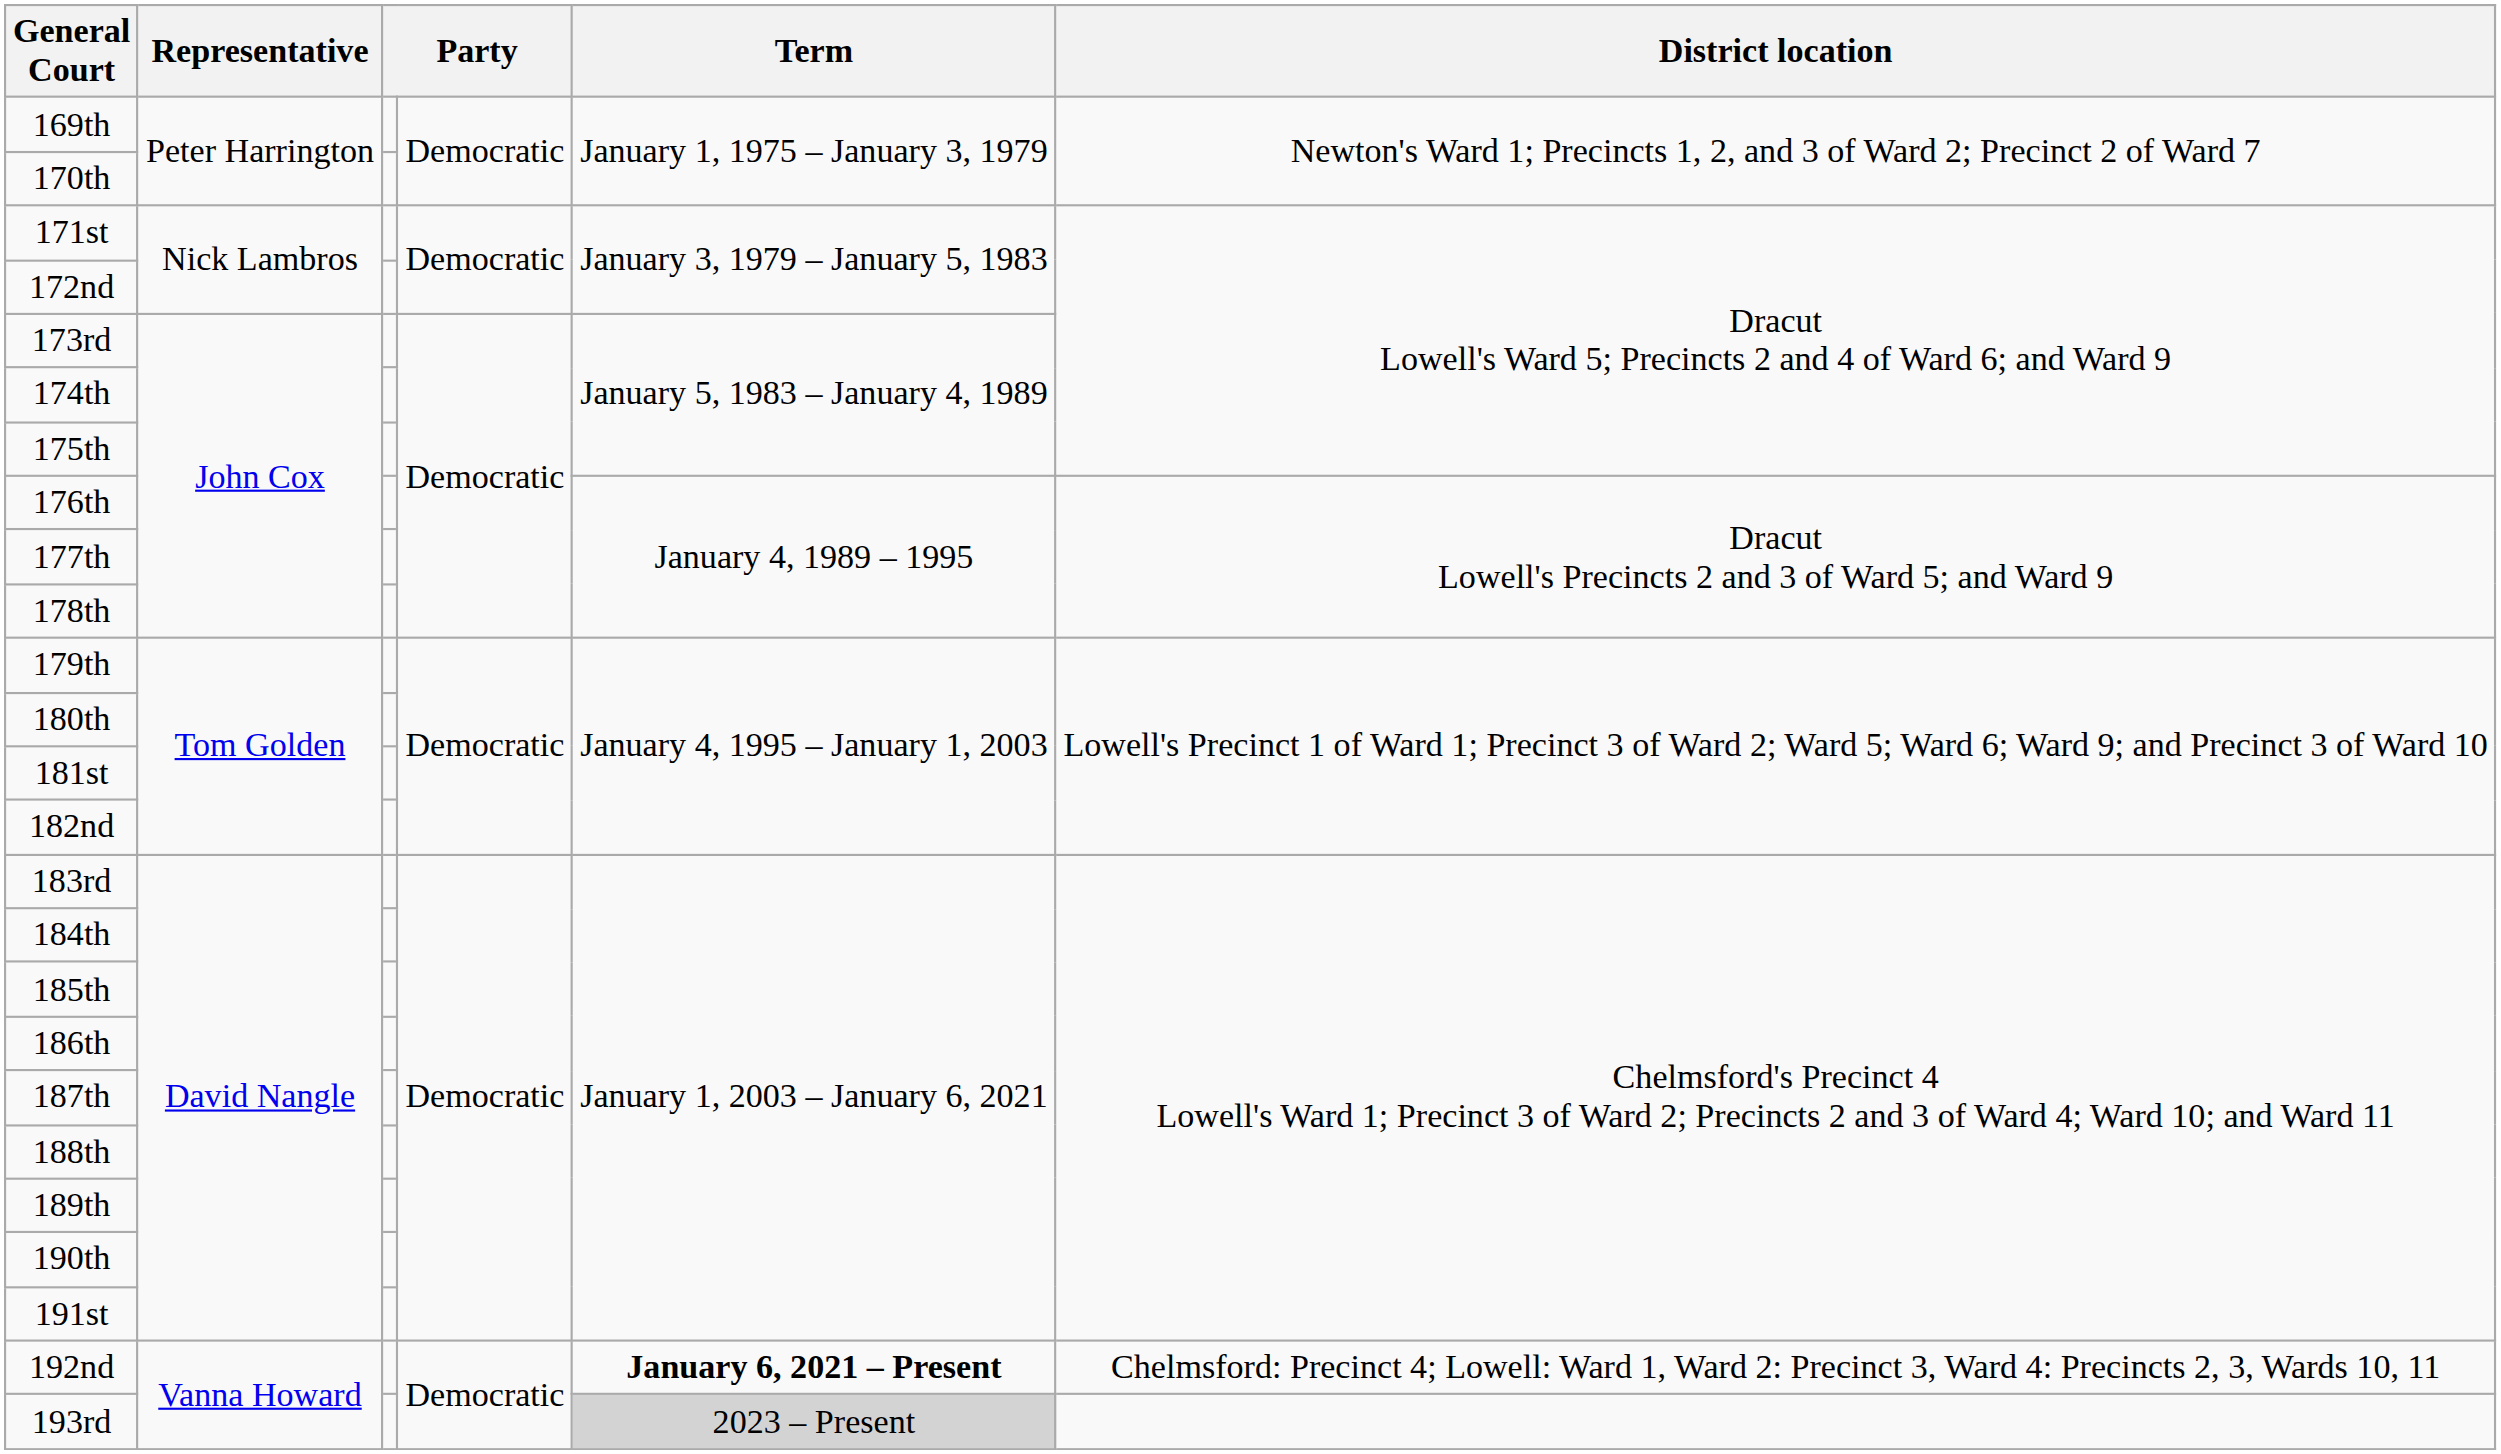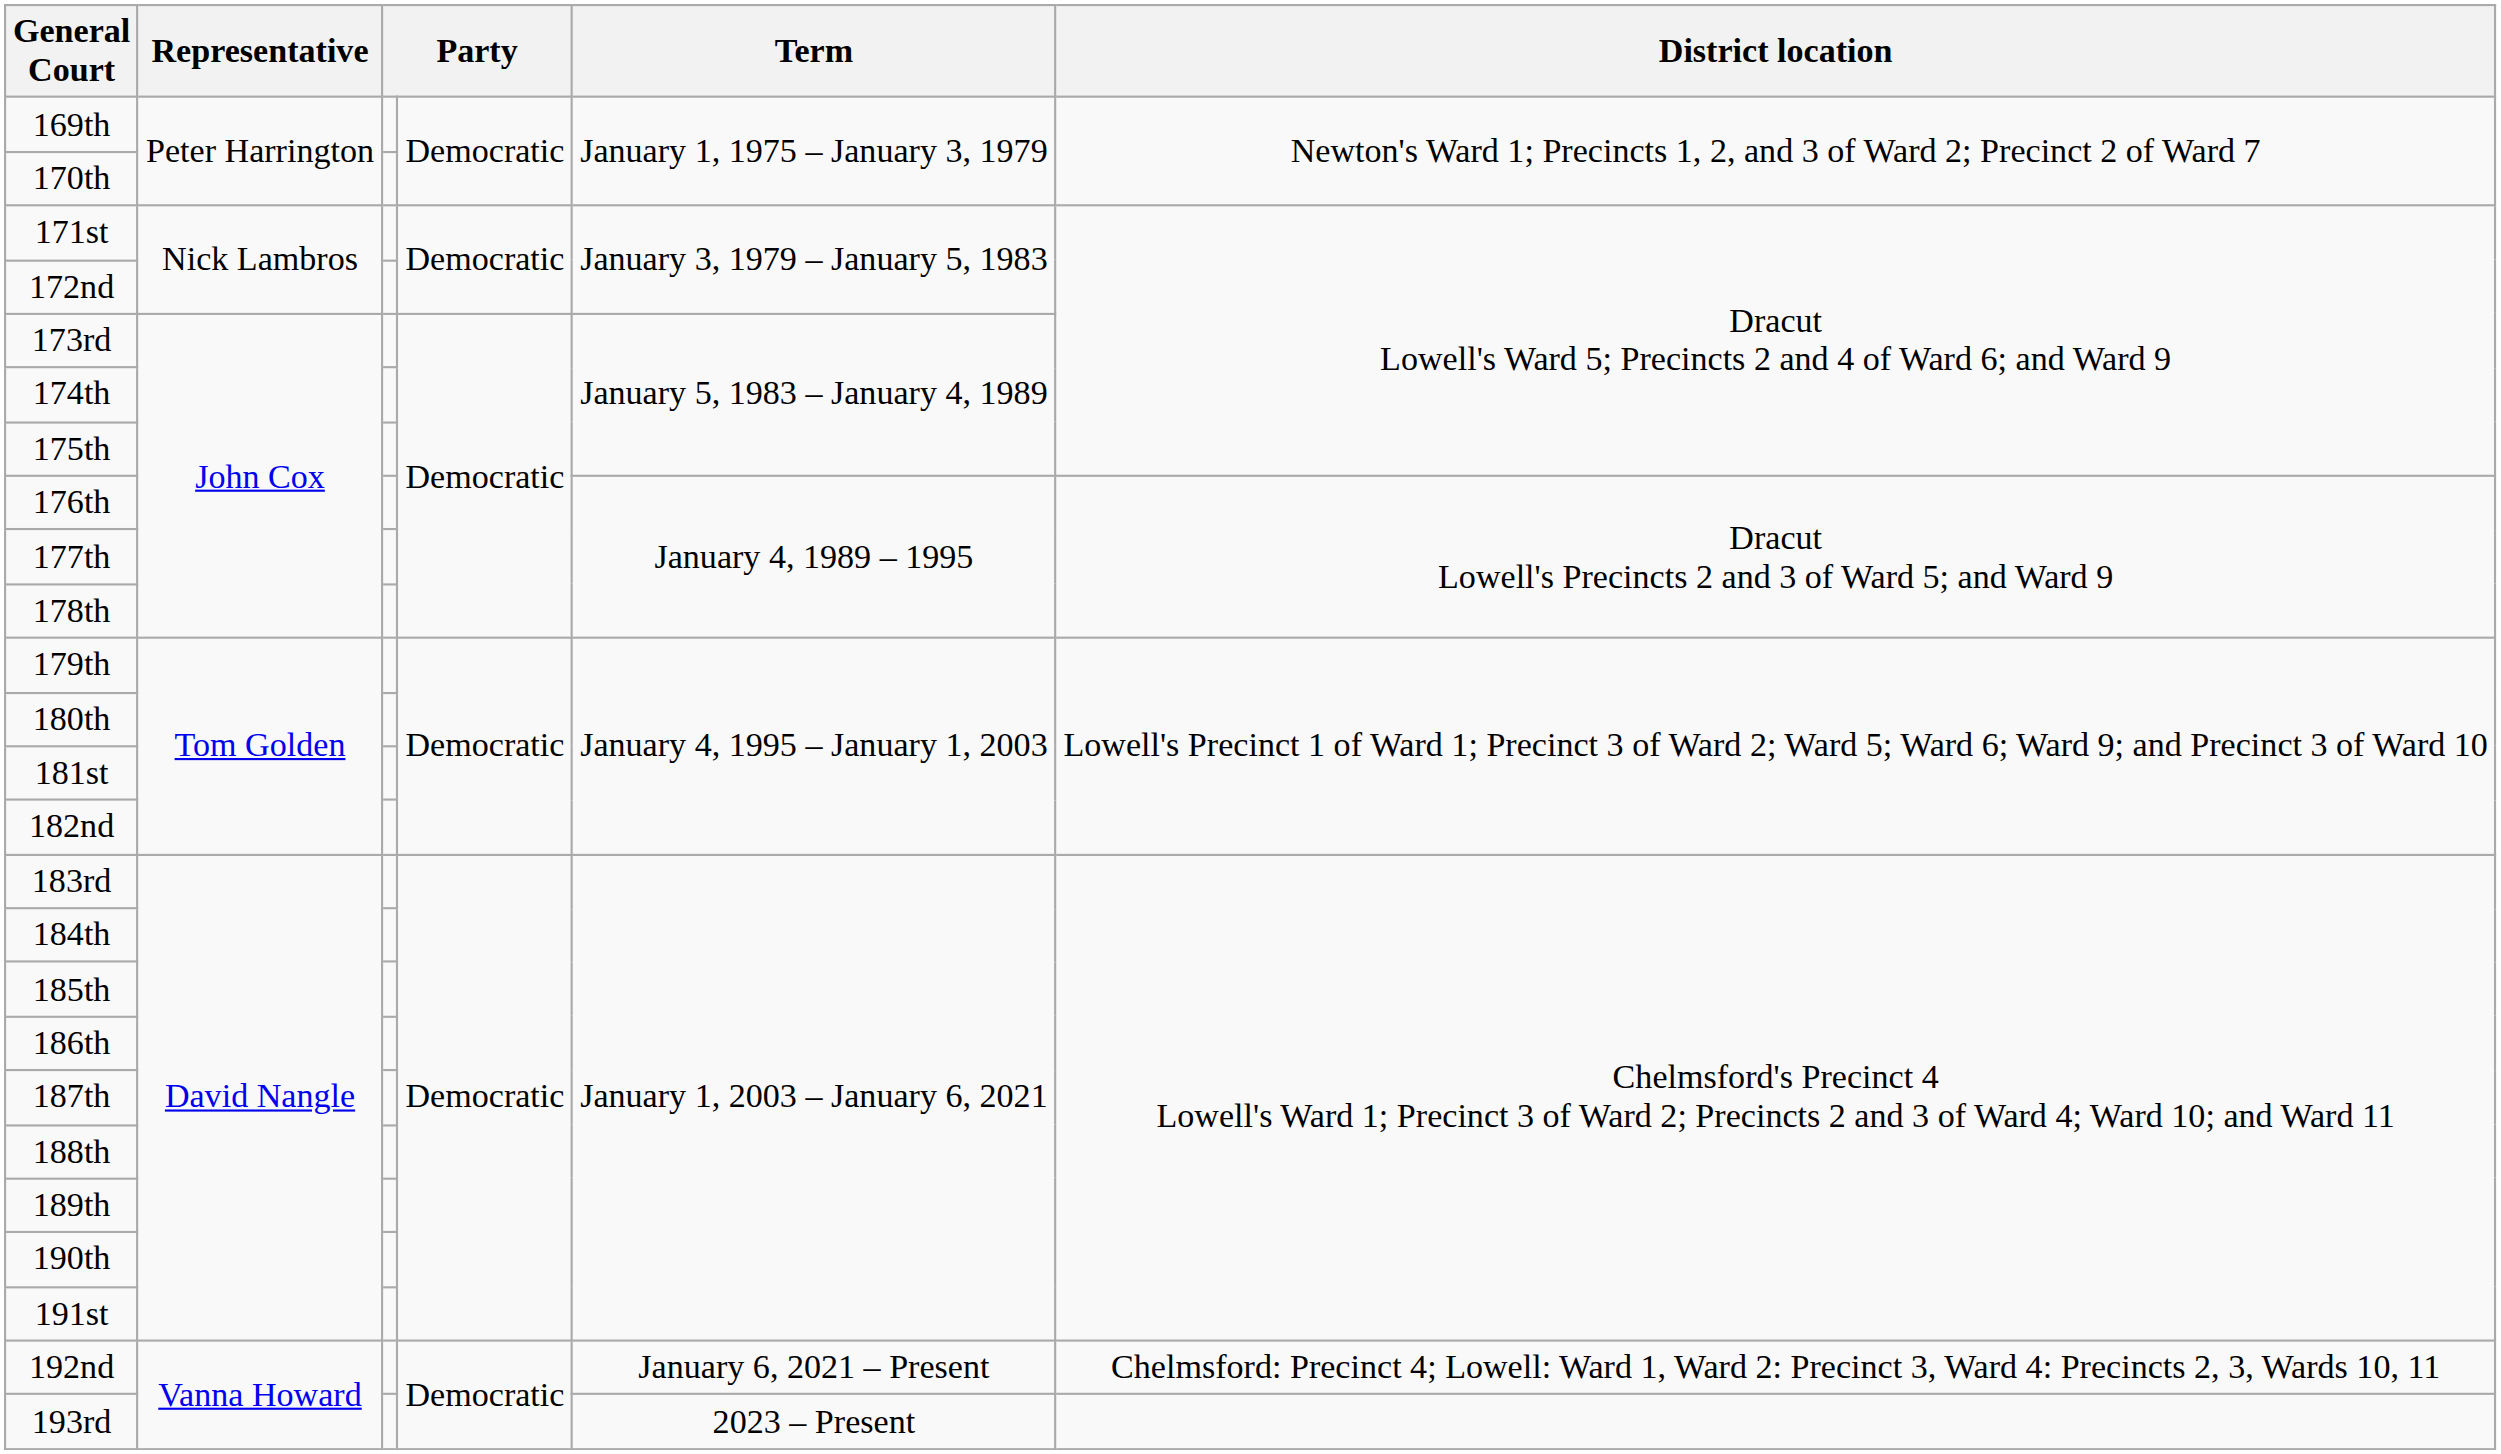 <table class="wikitable sortable" style="text-align:center;">
 <tr>
 <th>General<br>Court</th>
 <th>Representative</th>
 <th colspan=2>Party</th>
 <th>Term</th>
 <th>District location</th>
 </tr>
 <tr>
 <td>169th</td>
 <td rowspan=2>Peter Harrington</td>
 <td style="background-color:"></td>
 <td rowspan=2>Democratic</td>
 <td rowspan=2>January 1, 1975 – January 3, 1979</td>
 <td rowspan=2>Newton's Ward 1; Precincts 1, 2, and 3 of Ward 2; Precinct 2 of Ward 7</td>
 </tr>
 <tr>
 <td>170th</td>
 <td style="background-color:"></td>
 </tr>
 <tr>
 <td>171st</td>
 <td rowspan=2>Nick Lambros</td>
 <td style="background-color:"></td>
 <td rowspan=2>Democratic</td>
 <td rowspan=2>January 3, 1979 – January 5, 1983</td>
 <td rowspan=5>Dracut<br>Lowell's Ward 5; Precincts 2 and 4 of Ward 6; and Ward 9</td>
 </tr>
 <tr>
 <td>172nd</td>
 <td style="background-color:"></td>
 </tr>
 <tr>
 <td>173rd</td>
 <td rowspan=6><a href='#'>John Cox</a></td>
 <td style="background-color:"></td>
 <td rowspan=6>Democratic</td>
 <td rowspan=3>January 5, 1983 – January 4, 1989</td>
 </tr>
 <tr>
 <td>174th</td>
 <td style="background-color:"></td>
 </tr>
 <tr>
 <td>175th</td>
 <td style="background-color:"></td>
 </tr>
 <tr>
 <td>176th</td>
 <td style="background-color:"></td>
 <td rowspan=3>January 4, 1989 – 1995</td>
 <td rowspan=3>Dracut<br>Lowell's Precincts 2 and 3 of Ward 5; and Ward 9</td>
 </tr>
 <tr>
 <td>177th</td>
 <td style="background-color:"></td>
 </tr>
 <tr>
 <td>178th</td>
 <td style="background-color:"></td>
 </tr>
 <tr>
 <td>179th</td>
 <td rowspan=4><a href='#'>Tom Golden</a></td>
 <td style="background-color:"></td>
 <td rowspan=4>Democratic</td>
 <td rowspan=4>January 4, 1995 – January 1, 2003</td>
 <td rowspan=4>Lowell's Precinct 1 of Ward 1; Precinct 3 of Ward 2; Ward 5; Ward 6; Ward 9; and Precinct 3 of Ward 10</td>
 </tr>
 <tr>
 <td>180th</td>
 <td style="background-color:"></td>
 </tr>
 <tr>
 <td>181st</td>
 <td style="background-color:"></td>
 </tr>
 <tr>
 <td>182nd</td>
 <td style="background-color:"></td>
 </tr>
 <tr>
 <td>183rd</td>
 <td rowspan=9><a href='#'>David Nangle</a></td>
 <td style="background-color:"></td>
 <td rowspan=9>Democratic</td>
 <td rowspan=9>January 1, 2003 – January 6, 2021</td>
 <td rowspan=9>Chelmsford's Precinct 4<br>Lowell's Ward 1; Precinct 3 of Ward 2; Precincts 2 and 3 of Ward 4; Ward 10; and Ward 11</td>
 </tr>
 <tr>
 <td>184th</td>
 <td style="background-color:"></td>
 </tr>
 <tr>
 <td>185th</td>
 <td style="background-color:"></td>
 </tr>
 <tr>
 <td>186th</td>
 <td style="background-color:"></td>
 </tr>
 <tr>
 <td>187th</td>
 <td style="background-color:"></td>
 </tr>
 <tr>
 <td>188th</td>
 <td style="background-color:"></td>
 </tr>
 <tr>
 <td>189th</td>
 <td style="background-color:"></td>
 </tr>
 <tr>
 <td>190th</td>
 <td style="background-color:"></td>
 </tr>
 <tr>
 <td>191st</td>
 <td style="background-color:"></td>
 </tr>
 <tr>
 <td>192nd</td>
 <td rowspan="2"><a href='#'>Vanna Howard</a></td>
 <td style="background-color:"></td>
 <td rowspan="2">Democratic</td>
-<td rowspan=1><strong>January 6, 2021 – Present</strong></td>
+<td rowspan=1>January 6, 2021 – Present</td>
 <td rowspan=1>Chelmsford: Precinct 4; Lowell: Ward 1, Ward 2: Precinct 3, Ward 4: Precincts 2, 3, Wards 10, 11</td>
 </tr>
 <tr>
 <td>193rd</td>
 <td style="background-color:"></td>
-<td style="background: lightgrey;">2023 – Present</td>
+<td>2023 – Present</td>
 <td></td>
 </tr>
 </table>
